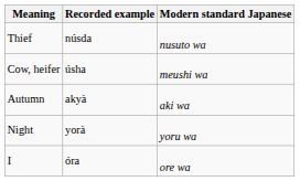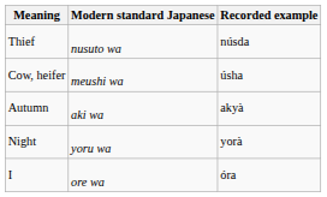 <table class="wikitable" style="display: inline-table;">
 <tr>
 <th>Meaning</th>
+<th>Modern standard Japanese</th>
 <th>Recorded example</th>
-<th>Modern standard Japanese</th>
 </tr>
 <tr>
 <td>Thief</td>
+<td><br><em>nusuto wa</em></td>
 <td>núsda</td>
-<td><br><em>nusuto wa</em></td>
 </tr>
 <tr>
 <td>Cow, heifer</td>
+<td><br><em>meushi wa</em></td>
 <td>úsha</td>
-<td><br><em>meushi wa</em></td>
 </tr>
 <tr>
 <td>Autumn</td>
+<td><br><em>aki wa</em></td>
 <td>akyà</td>
-<td><br><em>aki wa</em></td>
 </tr>
 <tr>
 <td>Night</td>
+<td><br><em>yoru wa</em></td>
 <td>yorà</td>
-<td><br><em>yoru wa</em></td>
 </tr>
 <tr>
 <td>I</td>
+<td><br><em>ore wa</em></td>
 <td>óra</td>
-<td><br><em>ore wa</em></td>
 </tr>
 </table>
